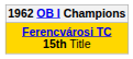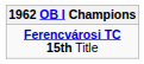 <table class="wikitable" style="text-align: center; margin: 0 auto;">
 <tr>
 <th>1962 <a href='#'>OB I</a> Champions</th>
 </tr>
 <tr>
-<td style="background: gold;"><strong><a href='#'>Ferencvárosi TC</a></strong><br><strong>15th</strong> Title</td>
+<td><strong><a href='#'>Ferencvárosi TC</a></strong><br><strong>15th</strong> Title</td>
 </tr>
 </table>
